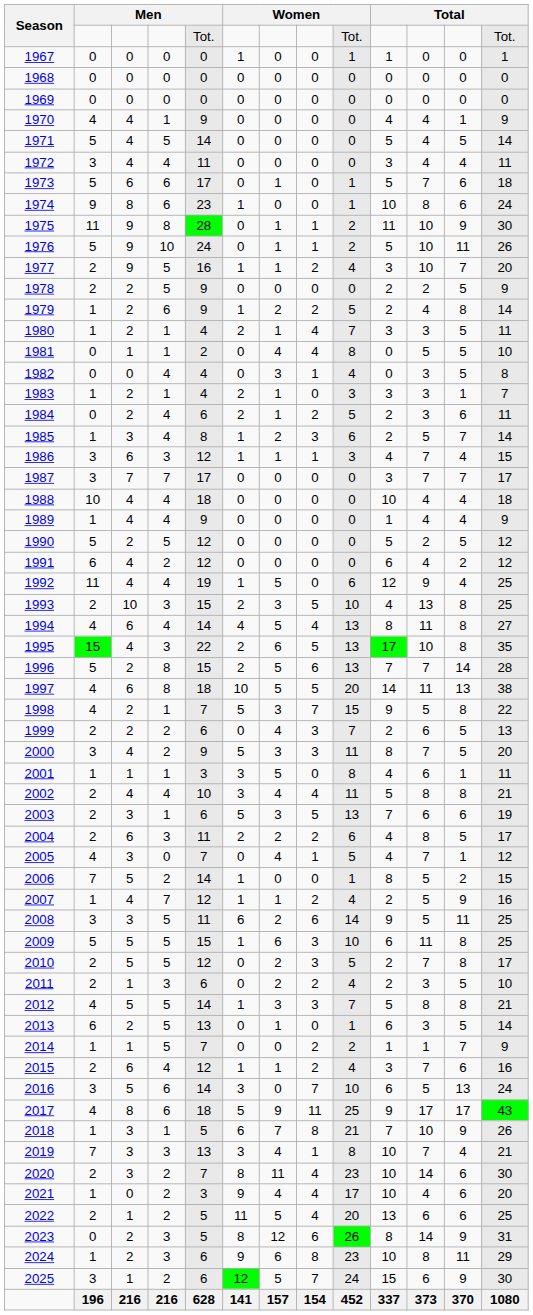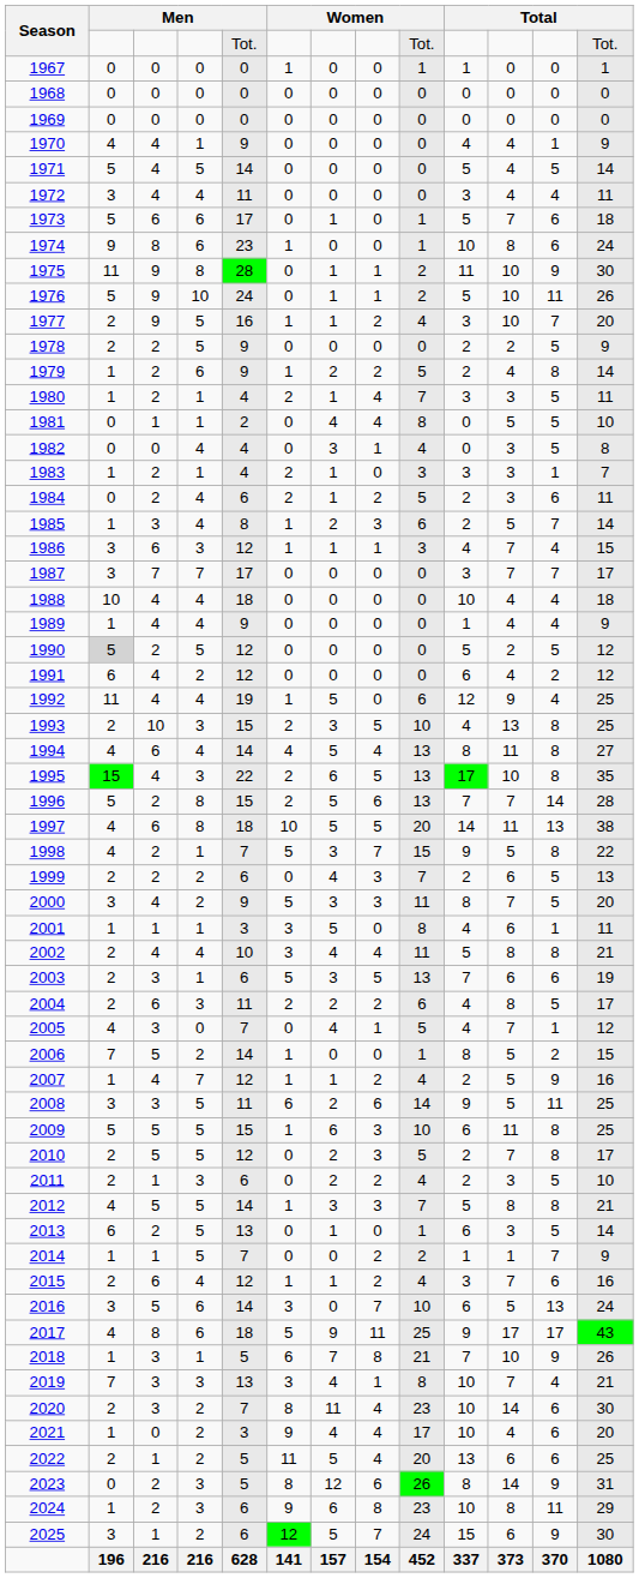 <table class="wikitable" width=50% style="font-size:100%; text-align:center;">
 <tr>
 <th rowspan=2>Season</th>
 <th colspan=4>Men</th>
 <th colspan=4>Women</th>
 <th colspan=4>Total</th>
 </tr>
 <tr>
 <td></td>
 <td></td>
 <td></td>
 <td bgcolor=E9E9E9>Tot.</td>
 <td></td>
 <td></td>
 <td></td>
 <td bgcolor=E9E9E9>Tot.</td>
 <td></td>
 <td></td>
 <td></td>
 <td bgcolor=E9E9E9>Tot.</td>
 </tr>
 <tr>
 <td><a href='#'>1967</a></td>
 <td>0</td>
 <td>0</td>
 <td>0</td>
 <td bgcolor=E9E9E9>0</td>
 <td>1</td>
 <td>0</td>
 <td>0</td>
 <td bgcolor=E9E9E9>1</td>
 <td>1</td>
 <td>0</td>
 <td>0</td>
 <td bgcolor=E9E9E9>1</td>
 </tr>
 <tr>
 <td><a href='#'>1968</a></td>
 <td>0</td>
 <td>0</td>
 <td>0</td>
 <td bgcolor=E9E9E9>0</td>
 <td>0</td>
 <td>0</td>
 <td>0</td>
 <td bgcolor=E9E9E9>0</td>
 <td>0</td>
 <td>0</td>
 <td>0</td>
 <td bgcolor=E9E9E9>0</td>
 </tr>
 <tr>
 <td><a href='#'>1969</a></td>
 <td>0</td>
 <td>0</td>
 <td>0</td>
 <td bgcolor=E9E9E9>0</td>
 <td>0</td>
 <td>0</td>
 <td>0</td>
 <td bgcolor=E9E9E9>0</td>
 <td>0</td>
 <td>0</td>
 <td>0</td>
 <td bgcolor=E9E9E9>0</td>
 </tr>
 <tr>
 <td><a href='#'>1970</a></td>
 <td>4</td>
 <td>4</td>
 <td>1</td>
 <td bgcolor=E9E9E9>9</td>
 <td>0</td>
 <td>0</td>
 <td>0</td>
 <td bgcolor=E9E9E9>0</td>
 <td>4</td>
 <td>4</td>
 <td>1</td>
 <td bgcolor=E9E9E9>9</td>
 </tr>
 <tr>
 <td><a href='#'>1971</a></td>
 <td>5</td>
 <td>4</td>
 <td>5</td>
 <td bgcolor=E9E9E9>14</td>
 <td>0</td>
 <td>0</td>
 <td>0</td>
 <td bgcolor=E9E9E9>0</td>
 <td>5</td>
 <td>4</td>
 <td>5</td>
 <td bgcolor=E9E9E9>14</td>
 </tr>
 <tr>
 <td><a href='#'>1972</a></td>
 <td>3</td>
 <td>4</td>
 <td>4</td>
 <td bgcolor=E9E9E9>11</td>
 <td>0</td>
 <td>0</td>
 <td>0</td>
 <td bgcolor=E9E9E9>0</td>
 <td>3</td>
 <td>4</td>
 <td>4</td>
 <td bgcolor=E9E9E9>11</td>
 </tr>
 <tr>
 <td><a href='#'>1973</a></td>
 <td>5</td>
 <td>6</td>
 <td>6</td>
 <td bgcolor=E9E9E9>17</td>
 <td>0</td>
 <td>1</td>
 <td>0</td>
 <td bgcolor=E9E9E9>1</td>
 <td>5</td>
 <td>7</td>
 <td>6</td>
 <td bgcolor=E9E9E9>18</td>
 </tr>
 <tr>
 <td><a href='#'>1974</a></td>
 <td>9</td>
 <td>8</td>
 <td>6</td>
 <td bgcolor=E9E9E9>23</td>
 <td>1</td>
 <td>0</td>
 <td>0</td>
 <td bgcolor=E9E9E9>1</td>
 <td>10</td>
 <td>8</td>
 <td>6</td>
 <td bgcolor=E9E9E9>24</td>
 </tr>
 <tr>
 <td><a href='#'>1975</a></td>
 <td>11</td>
 <td>9</td>
 <td>8</td>
 <td bgcolor=lime>28</td>
 <td>0</td>
 <td>1</td>
 <td>1</td>
 <td bgcolor=E9E9E9>2</td>
 <td>11</td>
 <td>10</td>
 <td>9</td>
 <td bgcolor=E9E9E9>30</td>
 </tr>
 <tr>
 <td><a href='#'>1976</a></td>
 <td>5</td>
 <td>9</td>
 <td>10</td>
 <td bgcolor=E9E9E9>24</td>
 <td>0</td>
 <td>1</td>
 <td>1</td>
 <td bgcolor=E9E9E9>2</td>
 <td>5</td>
 <td>10</td>
 <td>11</td>
 <td bgcolor=E9E9E9>26</td>
 </tr>
 <tr>
 <td><a href='#'>1977</a></td>
 <td>2</td>
 <td>9</td>
 <td>5</td>
 <td bgcolor=E9E9E9>16</td>
 <td>1</td>
 <td>1</td>
 <td>2</td>
 <td bgcolor=E9E9E9>4</td>
 <td>3</td>
 <td>10</td>
 <td>7</td>
 <td bgcolor=E9E9E9>20</td>
 </tr>
 <tr>
 <td><a href='#'>1978</a></td>
 <td>2</td>
 <td>2</td>
 <td>5</td>
 <td bgcolor=E9E9E9>9</td>
 <td>0</td>
 <td>0</td>
 <td>0</td>
 <td bgcolor=E9E9E9>0</td>
 <td>2</td>
 <td>2</td>
 <td>5</td>
 <td bgcolor=E9E9E9>9</td>
 </tr>
 <tr>
 <td><a href='#'>1979</a></td>
 <td>1</td>
 <td>2</td>
 <td>6</td>
 <td bgcolor=E9E9E9>9</td>
 <td>1</td>
 <td>2</td>
 <td>2</td>
 <td bgcolor=E9E9E9>5</td>
 <td>2</td>
 <td>4</td>
 <td>8</td>
 <td bgcolor=E9E9E9>14</td>
 </tr>
 <tr>
 <td><a href='#'>1980</a></td>
 <td>1</td>
 <td>2</td>
 <td>1</td>
 <td bgcolor=E9E9E9>4</td>
 <td>2</td>
 <td>1</td>
 <td>4</td>
 <td bgcolor=E9E9E9>7</td>
 <td>3</td>
 <td>3</td>
 <td>5</td>
 <td bgcolor=E9E9E9>11</td>
 </tr>
 <tr>
 <td><a href='#'>1981</a></td>
 <td>0</td>
 <td>1</td>
 <td>1</td>
 <td bgcolor=E9E9E9>2</td>
 <td>0</td>
 <td>4</td>
 <td>4</td>
 <td bgcolor=E9E9E9>8</td>
 <td>0</td>
 <td>5</td>
 <td>5</td>
 <td bgcolor=E9E9E9>10</td>
 </tr>
 <tr>
 <td><a href='#'>1982</a></td>
 <td>0</td>
 <td>0</td>
 <td>4</td>
 <td bgcolor=E9E9E9>4</td>
 <td>0</td>
 <td>3</td>
 <td>1</td>
 <td bgcolor=E9E9E9>4</td>
 <td>0</td>
 <td>3</td>
 <td>5</td>
 <td bgcolor=E9E9E9>8</td>
 </tr>
 <tr>
 <td><a href='#'>1983</a></td>
 <td>1</td>
 <td>2</td>
 <td>1</td>
 <td bgcolor=E9E9E9>4</td>
 <td>2</td>
 <td>1</td>
 <td>0</td>
 <td bgcolor=E9E9E9>3</td>
 <td>3</td>
 <td>3</td>
 <td>1</td>
 <td bgcolor=E9E9E9>7</td>
 </tr>
 <tr>
 <td><a href='#'>1984</a></td>
 <td>0</td>
 <td>2</td>
 <td>4</td>
 <td bgcolor=E9E9E9>6</td>
 <td>2</td>
 <td>1</td>
 <td>2</td>
 <td bgcolor=E9E9E9>5</td>
 <td>2</td>
 <td>3</td>
 <td>6</td>
 <td bgcolor=E9E9E9>11</td>
 </tr>
 <tr>
 <td><a href='#'>1985</a></td>
 <td>1</td>
 <td>3</td>
 <td>4</td>
 <td bgcolor=E9E9E9>8</td>
 <td>1</td>
 <td>2</td>
 <td>3</td>
 <td bgcolor=E9E9E9>6</td>
 <td>2</td>
 <td>5</td>
 <td>7</td>
 <td bgcolor=E9E9E9>14</td>
 </tr>
 <tr>
 <td><a href='#'>1986</a></td>
 <td>3</td>
 <td>6</td>
 <td>3</td>
 <td bgcolor=E9E9E9>12</td>
 <td>1</td>
 <td>1</td>
 <td>1</td>
 <td bgcolor=E9E9E9>3</td>
 <td>4</td>
 <td>7</td>
 <td>4</td>
 <td bgcolor=E9E9E9>15</td>
 </tr>
 <tr>
 <td><a href='#'>1987</a></td>
 <td>3</td>
 <td>7</td>
 <td>7</td>
 <td bgcolor=E9E9E9>17</td>
 <td>0</td>
 <td>0</td>
 <td>0</td>
 <td bgcolor=E9E9E9>0</td>
 <td>3</td>
 <td>7</td>
 <td>7</td>
 <td bgcolor=E9E9E9>17</td>
 </tr>
 <tr>
 <td><a href='#'>1988</a></td>
 <td>10</td>
 <td>4</td>
 <td>4</td>
 <td bgcolor=E9E9E9>18</td>
 <td>0</td>
 <td>0</td>
 <td>0</td>
 <td bgcolor=E9E9E9>0</td>
 <td>10</td>
 <td>4</td>
 <td>4</td>
 <td bgcolor=E9E9E9>18</td>
 </tr>
 <tr>
 <td><a href='#'>1989</a></td>
 <td>1</td>
 <td>4</td>
 <td>4</td>
 <td bgcolor=E9E9E9>9</td>
 <td>0</td>
 <td>0</td>
 <td>0</td>
 <td bgcolor=E9E9E9>0</td>
 <td>1</td>
 <td>4</td>
 <td>4</td>
 <td bgcolor=E9E9E9>9</td>
 </tr>
 <tr>
 <td><a href='#'>1990</a></td>
-<td>5</td>
+<td style="background: lightgrey;">5</td>
 <td>2</td>
 <td>5</td>
 <td bgcolor=E9E9E9>12</td>
 <td>0</td>
 <td>0</td>
 <td>0</td>
 <td bgcolor=E9E9E9>0</td>
 <td>5</td>
 <td>2</td>
 <td>5</td>
 <td bgcolor=E9E9E9>12</td>
 </tr>
 <tr>
 <td><a href='#'>1991</a></td>
 <td>6</td>
 <td>4</td>
 <td>2</td>
 <td bgcolor=E9E9E9>12</td>
 <td>0</td>
 <td>0</td>
 <td>0</td>
 <td bgcolor=E9E9E9>0</td>
 <td>6</td>
 <td>4</td>
 <td>2</td>
 <td bgcolor=E9E9E9>12</td>
 </tr>
 <tr>
 <td><a href='#'>1992</a></td>
 <td>11</td>
 <td>4</td>
 <td>4</td>
 <td bgcolor=E9E9E9>19</td>
 <td>1</td>
 <td>5</td>
 <td>0</td>
 <td bgcolor=E9E9E9>6</td>
 <td>12</td>
 <td>9</td>
 <td>4</td>
 <td bgcolor=E9E9E9>25</td>
 </tr>
 <tr>
 <td><a href='#'>1993</a></td>
 <td>2</td>
 <td>10</td>
 <td>3</td>
 <td bgcolor=E9E9E9>15</td>
 <td>2</td>
 <td>3</td>
 <td>5</td>
 <td bgcolor=E9E9E9>10</td>
 <td>4</td>
 <td>13</td>
 <td>8</td>
 <td bgcolor=E9E9E9>25</td>
 </tr>
 <tr>
 <td><a href='#'>1994</a></td>
 <td>4</td>
 <td>6</td>
 <td>4</td>
 <td bgcolor=E9E9E9>14</td>
 <td>4</td>
 <td>5</td>
 <td>4</td>
 <td bgcolor=E9E9E9>13</td>
 <td>8</td>
 <td>11</td>
 <td>8</td>
 <td bgcolor=E9E9E9>27</td>
 </tr>
 <tr>
 <td><a href='#'>1995</a></td>
 <td bgcolor=lime>15</td>
 <td>4</td>
 <td>3</td>
 <td bgcolor=E9E9E9>22</td>
 <td>2</td>
 <td>6</td>
 <td>5</td>
 <td bgcolor=E9E9E9>13</td>
 <td bgcolor=lime>17</td>
 <td>10</td>
 <td>8</td>
 <td bgcolor=E9E9E9>35</td>
 </tr>
 <tr>
 <td><a href='#'>1996</a></td>
 <td>5</td>
 <td>2</td>
 <td>8</td>
 <td bgcolor=E9E9E9>15</td>
 <td>2</td>
 <td>5</td>
 <td>6</td>
 <td bgcolor=E9E9E9>13</td>
 <td>7</td>
 <td>7</td>
 <td>14</td>
 <td bgcolor=E9E9E9>28</td>
 </tr>
 <tr>
 <td><a href='#'>1997</a></td>
 <td>4</td>
 <td>6</td>
 <td>8</td>
 <td bgcolor=E9E9E9>18</td>
 <td>10</td>
 <td>5</td>
 <td>5</td>
 <td bgcolor=E9E9E9>20</td>
 <td>14</td>
 <td>11</td>
 <td>13</td>
 <td bgcolor=E9E9E9>38</td>
 </tr>
 <tr>
 <td><a href='#'>1998</a></td>
 <td>4</td>
 <td>2</td>
 <td>1</td>
 <td bgcolor=E9E9E9>7</td>
 <td>5</td>
 <td>3</td>
 <td>7</td>
 <td bgcolor=E9E9E9>15</td>
 <td>9</td>
 <td>5</td>
 <td>8</td>
 <td bgcolor=E9E9E9>22</td>
 </tr>
 <tr>
 <td><a href='#'>1999</a></td>
 <td>2</td>
 <td>2</td>
 <td>2</td>
 <td bgcolor=E9E9E9>6</td>
 <td>0</td>
 <td>4</td>
 <td>3</td>
 <td bgcolor=E9E9E9>7</td>
 <td>2</td>
 <td>6</td>
 <td>5</td>
 <td bgcolor=E9E9E9>13</td>
 </tr>
 <tr>
 <td><a href='#'>2000</a></td>
 <td>3</td>
 <td>4</td>
 <td>2</td>
 <td bgcolor=E9E9E9>9</td>
 <td>5</td>
 <td>3</td>
 <td>3</td>
 <td bgcolor=E9E9E9>11</td>
 <td>8</td>
 <td>7</td>
 <td>5</td>
 <td bgcolor=E9E9E9>20</td>
 </tr>
 <tr>
 <td><a href='#'>2001</a></td>
 <td>1</td>
 <td>1</td>
 <td>1</td>
 <td bgcolor=E9E9E9>3</td>
 <td>3</td>
 <td>5</td>
 <td>0</td>
 <td bgcolor=E9E9E9>8</td>
 <td>4</td>
 <td>6</td>
 <td>1</td>
 <td bgcolor=E9E9E9>11</td>
 </tr>
 <tr>
 <td><a href='#'>2002</a></td>
 <td>2</td>
 <td>4</td>
 <td>4</td>
 <td bgcolor=E9E9E9>10</td>
 <td>3</td>
 <td>4</td>
 <td>4</td>
 <td bgcolor=E9E9E9>11</td>
 <td>5</td>
 <td>8</td>
 <td>8</td>
 <td bgcolor=E9E9E9>21</td>
 </tr>
 <tr>
 <td><a href='#'>2003</a></td>
 <td>2</td>
 <td>3</td>
 <td>1</td>
 <td bgcolor=E9E9E9>6</td>
 <td>5</td>
 <td>3</td>
 <td>5</td>
 <td bgcolor=E9E9E9>13</td>
 <td>7</td>
 <td>6</td>
 <td>6</td>
 <td bgcolor=E9E9E9>19</td>
 </tr>
 <tr>
 <td><a href='#'>2004</a></td>
 <td>2</td>
 <td>6</td>
 <td>3</td>
 <td bgcolor=E9E9E9>11</td>
 <td>2</td>
 <td>2</td>
 <td>2</td>
 <td bgcolor=E9E9E9>6</td>
 <td>4</td>
 <td>8</td>
 <td>5</td>
 <td bgcolor=E9E9E9>17</td>
 </tr>
 <tr>
 <td><a href='#'>2005</a></td>
 <td>4</td>
 <td>3</td>
 <td>0</td>
 <td bgcolor=E9E9E9>7</td>
 <td>0</td>
 <td>4</td>
 <td>1</td>
 <td bgcolor=E9E9E9>5</td>
 <td>4</td>
 <td>7</td>
 <td>1</td>
 <td bgcolor=E9E9E9>12</td>
 </tr>
 <tr>
 <td><a href='#'>2006</a></td>
 <td>7</td>
 <td>5</td>
 <td>2</td>
 <td bgcolor=E9E9E9>14</td>
 <td>1</td>
 <td>0</td>
 <td>0</td>
 <td bgcolor=E9E9E9>1</td>
 <td>8</td>
 <td>5</td>
 <td>2</td>
 <td bgcolor=E9E9E9>15</td>
 </tr>
 <tr>
 <td><a href='#'>2007</a></td>
 <td>1</td>
 <td>4</td>
 <td>7</td>
 <td bgcolor=E9E9E9>12</td>
 <td>1</td>
 <td>1</td>
 <td>2</td>
 <td bgcolor=E9E9E9>4</td>
 <td>2</td>
 <td>5</td>
 <td>9</td>
 <td bgcolor=E9E9E9>16</td>
 </tr>
 <tr>
 <td><a href='#'>2008</a></td>
 <td>3</td>
 <td>3</td>
 <td>5</td>
 <td bgcolor=E9E9E9>11</td>
 <td>6</td>
 <td>2</td>
 <td>6</td>
 <td bgcolor=E9E9E9>14</td>
 <td>9</td>
 <td>5</td>
 <td>11</td>
 <td bgcolor=E9E9E9>25</td>
 </tr>
 <tr>
 <td><a href='#'>2009</a></td>
 <td>5</td>
 <td>5</td>
 <td>5</td>
 <td bgcolor=E9E9E9>15</td>
 <td>1</td>
 <td>6</td>
 <td>3</td>
 <td bgcolor=E9E9E9>10</td>
 <td>6</td>
 <td>11</td>
 <td>8</td>
 <td bgcolor=E9E9E9>25</td>
 </tr>
 <tr>
 <td><a href='#'>2010</a></td>
 <td>2</td>
 <td>5</td>
 <td>5</td>
 <td bgcolor=E9E9E9>12</td>
 <td>0</td>
 <td>2</td>
 <td>3</td>
 <td bgcolor=E9E9E9>5</td>
 <td>2</td>
 <td>7</td>
 <td>8</td>
 <td bgcolor=E9E9E9>17</td>
 </tr>
 <tr>
 <td><a href='#'>2011</a></td>
 <td>2</td>
 <td>1</td>
 <td>3</td>
 <td bgcolor=E9E9E9>6</td>
 <td>0</td>
 <td>2</td>
 <td>2</td>
 <td bgcolor=E9E9E9>4</td>
 <td>2</td>
 <td>3</td>
 <td>5</td>
 <td bgcolor=E9E9E9>10</td>
 </tr>
 <tr>
 <td><a href='#'>2012</a></td>
 <td>4</td>
 <td>5</td>
 <td>5</td>
 <td bgcolor=E9E9E9>14</td>
 <td>1</td>
 <td>3</td>
 <td>3</td>
 <td bgcolor=E9E9E9>7</td>
 <td>5</td>
 <td>8</td>
 <td>8</td>
 <td bgcolor=E9E9E9>21</td>
 </tr>
 <tr>
 <td><a href='#'>2013</a></td>
 <td>6</td>
 <td>2</td>
 <td>5</td>
 <td bgcolor=E9E9E9>13</td>
 <td>0</td>
 <td>1</td>
 <td>0</td>
 <td bgcolor=E9E9E9>1</td>
 <td>6</td>
 <td>3</td>
 <td>5</td>
 <td bgcolor=E9E9E9>14</td>
 </tr>
 <tr>
 <td><a href='#'>2014</a></td>
 <td>1</td>
 <td>1</td>
 <td>5</td>
 <td bgcolor=E9E9E9>7</td>
 <td>0</td>
 <td>0</td>
 <td>2</td>
 <td bgcolor=E9E9E9>2</td>
 <td>1</td>
 <td>1</td>
 <td>7</td>
 <td bgcolor=E9E9E9>9</td>
 </tr>
 <tr>
 <td><a href='#'>2015</a></td>
 <td>2</td>
 <td>6</td>
 <td>4</td>
 <td bgcolor=E9E9E9>12</td>
 <td>1</td>
 <td>1</td>
 <td>2</td>
 <td bgcolor=E9E9E9>4</td>
 <td>3</td>
 <td>7</td>
 <td>6</td>
 <td bgcolor=E9E9E9>16</td>
 </tr>
 <tr>
 <td><a href='#'>2016</a></td>
 <td>3</td>
 <td>5</td>
 <td>6</td>
 <td bgcolor=E9E9E9>14</td>
 <td>3</td>
 <td>0</td>
 <td>7</td>
 <td bgcolor=E9E9E9>10</td>
 <td>6</td>
 <td>5</td>
 <td>13</td>
 <td bgcolor=E9E9E9>24</td>
 </tr>
 <tr>
 <td><a href='#'>2017</a></td>
 <td>4</td>
 <td>8</td>
 <td>6</td>
 <td bgcolor=E9E9E9>18</td>
 <td>5</td>
 <td>9</td>
 <td>11</td>
 <td bgcolor=E9E9E9>25</td>
 <td>9</td>
 <td>17</td>
 <td>17</td>
 <td bgcolor=lime>43</td>
 </tr>
 <tr>
 <td><a href='#'>2018</a></td>
 <td>1</td>
 <td>3</td>
 <td>1</td>
 <td bgcolor=E9E9E9>5</td>
 <td>6</td>
 <td>7</td>
 <td>8</td>
 <td bgcolor=E9E9E9>21</td>
 <td>7</td>
 <td>10</td>
 <td>9</td>
 <td bgcolor=E9E9E9>26</td>
 </tr>
 <tr>
 <td><a href='#'>2019</a></td>
 <td>7</td>
 <td>3</td>
 <td>3</td>
 <td bgcolor=E9E9E9>13</td>
 <td>3</td>
 <td>4</td>
 <td>1</td>
 <td bgcolor=E9E9E9>8</td>
 <td>10</td>
 <td>7</td>
 <td>4</td>
 <td bgcolor=E9E9E9>21</td>
 </tr>
 <tr>
 <td><a href='#'>2020</a></td>
 <td>2</td>
 <td>3</td>
 <td>2</td>
 <td bgcolor=E9E9E9>7</td>
 <td>8</td>
 <td>11</td>
 <td>4</td>
 <td bgcolor=E9E9E9>23</td>
 <td>10</td>
 <td>14</td>
 <td>6</td>
 <td bgcolor=E9E9E9>30</td>
 </tr>
 <tr>
 <td><a href='#'>2021</a></td>
 <td>1</td>
 <td>0</td>
 <td>2</td>
 <td bgcolor=E9E9E9>3</td>
 <td>9</td>
 <td>4</td>
 <td>4</td>
 <td bgcolor=E9E9E9>17</td>
 <td>10</td>
 <td>4</td>
 <td>6</td>
 <td bgcolor=E9E9E9>20</td>
 </tr>
 <tr>
 <td><a href='#'>2022</a></td>
 <td>2</td>
 <td>1</td>
 <td>2</td>
 <td bgcolor=E9E9E9>5</td>
 <td>11</td>
 <td>5</td>
 <td>4</td>
 <td bgcolor=E9E9E9>20</td>
 <td>13</td>
 <td>6</td>
 <td>6</td>
 <td bgcolor=E9E9E9>25</td>
 </tr>
 <tr>
 <td><a href='#'>2023</a></td>
 <td>0</td>
 <td>2</td>
 <td>3</td>
 <td bgcolor=E9E9E9>5</td>
 <td>8</td>
 <td>12</td>
 <td>6</td>
 <td bgcolor=lime>26</td>
 <td>8</td>
 <td>14</td>
 <td>9</td>
 <td bgcolor=E9E9E9>31</td>
 </tr>
 <tr>
 <td><a href='#'>2024</a></td>
 <td>1</td>
 <td>2</td>
 <td>3</td>
 <td bgcolor=E9E9E9>6</td>
 <td>9</td>
 <td>6</td>
 <td>8</td>
 <td bgcolor=E9E9E9>23</td>
 <td>10</td>
 <td>8</td>
 <td>11</td>
 <td bgcolor=E9E9E9>29</td>
 </tr>
 <tr>
 <td><a href='#'>2025</a></td>
 <td>3</td>
 <td>1</td>
 <td>2</td>
 <td bgcolor=E9E9E9>6</td>
 <td bgcolor=lime>12</td>
 <td>5</td>
 <td>7</td>
 <td bgcolor=E9E9E9>24</td>
 <td>15</td>
 <td>6</td>
 <td>9</td>
 <td bgcolor=E9E9E9>30</td>
 </tr>
 <tr>
 <td></td>
 <th>196</th>
 <th>216</th>
 <th>216</th>
 <th>628</th>
 <th>141</th>
 <th>157</th>
 <th>154</th>
 <th>452</th>
 <th>337</th>
 <th>373</th>
 <th>370</th>
 <th>1080</th>
 </tr>
 </table>
